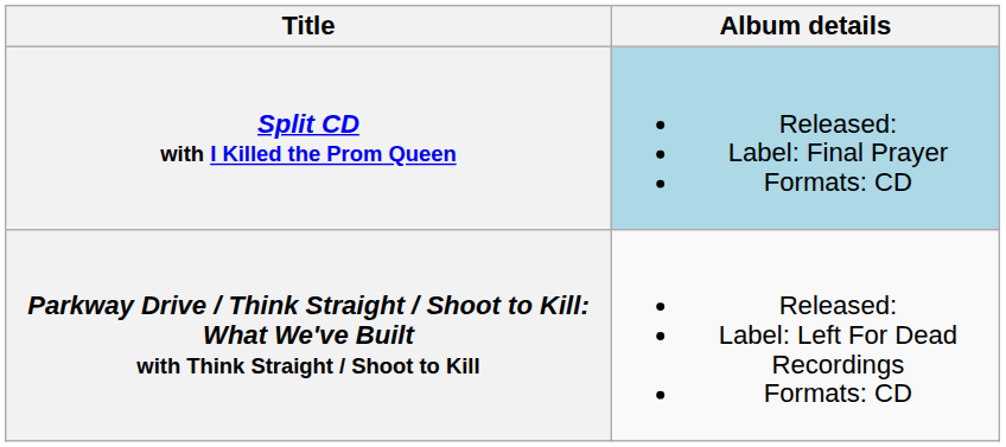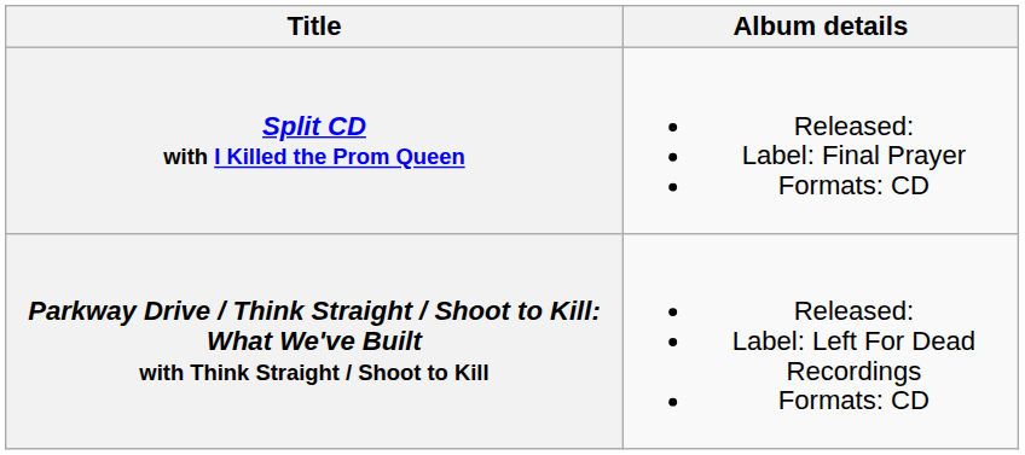 <table class="wikitable plainrowheaders" style="text-align:center;">
 <tr>
 <th>Title</th>
 <th>Album details</th>
 </tr>
 <tr>
 <th scope="row"><em><a href='#'>Split CD</a></em><br><small>with <a href='#'>I Killed the Prom Queen</a></small></th>
-<td style="background: lightblue;"><br><ul><li>Released: </li><li>Label: Final Prayer</li><li>Formats: CD</li></ul></td>
+<td><br><ul><li>Released: </li><li>Label: Final Prayer</li><li>Formats: CD</li></ul></td>
 </tr>
 <tr>
 <th scope="row"><em>Parkway Drive / Think Straight / Shoot to Kill: What We've Built</em><br><small>with Think Straight / Shoot to Kill</small></th>
 <td><br><ul><li>Released: </li><li>Label: Left For Dead Recordings</li><li>Formats: CD</li></ul></td>
 </tr>
 </table>
